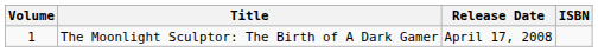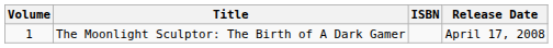 <table class="wikitable" style="text-align:center; margin=auto;">
 <tr>
 <th>Volume</th>
 <th>Title</th>
+<th>ISBN</th>
 <th>Release Date</th>
-<th>ISBN</th>
 </tr>
 <tr>
 <td>1</td>
 <td>The Moonlight Sculptor: The Birth of A Dark Gamer</td>
+<td></td>
 <td>April 17, 2008</td>
-<td></td>
 </tr>
 </table>
